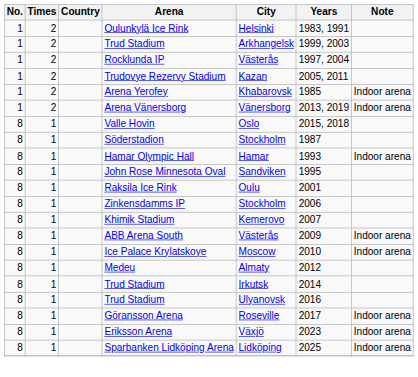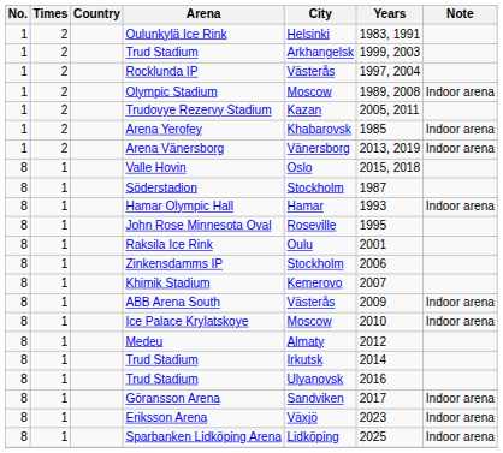 <table class="wikitable sortable" style="text-align:left;">
 <tr>
 <th>No.</th>
 <th>Times</th>
 <th>Country</th>
 <th>Arena</th>
 <th>City</th>
 <th>Years</th>
 <th>Note</th>
 </tr>
 <tr>
 <td align=right>1</td>
 <td align=right>2</td>
 <td></td>
 <td><a href='#'>Oulunkylä Ice Rink</a></td>
 <td><a href='#'>Helsinki</a></td>
 <td>1983, 1991</td>
 <td></td>
 </tr>
 <tr>
 <td align=right>1</td>
 <td align=right>2</td>
 <td></td>
 <td><a href='#'>Trud Stadium</a></td>
 <td><a href='#'>Arkhangelsk</a></td>
 <td>1999, 2003</td>
 <td></td>
 </tr>
 <tr>
 <td align=right>1</td>
 <td align=right>2</td>
 <td></td>
 <td><a href='#'>Rocklunda IP</a></td>
 <td><a href='#'>Västerås</a></td>
 <td>1997, 2004</td>
 <td></td>
+</tr>
+<tr>
+<td align=right>1</td>
+<td align=right>2</td>
+<td></td>
+<td><a href='#'>Olympic Stadium</a></td>
+<td><a href='#'>Moscow</a></td>
+<td>1989, 2008</td>
+<td>Indoor arena</td>
 </tr>
 <tr>
 <td align=right>1</td>
 <td align=right>2</td>
 <td></td>
 <td><a href='#'>Trudovye Rezervy Stadium</a></td>
 <td><a href='#'>Kazan</a></td>
 <td>2005, 2011</td>
 <td></td>
 </tr>
 <tr>
 <td align=right>1</td>
 <td align=right>2</td>
 <td></td>
 <td><a href='#'>Arena Yerofey</a></td>
 <td><a href='#'>Khabarovsk</a></td>
 <td>1985</td>
 <td>Indoor arena</td>
 </tr>
 <tr>
 <td align=right>1</td>
 <td align=right>2</td>
 <td></td>
 <td><a href='#'>Arena Vänersborg</a></td>
 <td><a href='#'>Vänersborg</a></td>
 <td>2013, 2019</td>
 <td>Indoor arena</td>
 </tr>
 <tr>
 <td align=right>8</td>
 <td align=right>1</td>
 <td></td>
 <td><a href='#'>Valle Hovin</a></td>
 <td><a href='#'>Oslo</a></td>
 <td>2015, 2018</td>
 <td></td>
 </tr>
 <tr>
 <td align=right>8</td>
 <td align=right>1</td>
 <td></td>
 <td><a href='#'>Söderstadion</a></td>
 <td><a href='#'>Stockholm</a></td>
 <td>1987</td>
 <td></td>
 </tr>
 <tr>
 <td align=right>8</td>
 <td align=right>1</td>
 <td></td>
 <td><a href='#'>Hamar Olympic Hall</a></td>
 <td><a href='#'>Hamar</a></td>
 <td>1993</td>
 <td>Indoor arena</td>
 </tr>
 <tr>
 <td align=right>8</td>
 <td align=right>1</td>
 <td></td>
 <td><a href='#'>John Rose Minnesota Oval</a></td>
-<td><a href='#'>Sandviken</a></td>
+<td><a href='#'>Roseville</a></td>
 <td>1995</td>
 <td></td>
 </tr>
 <tr>
 <td align=right>8</td>
 <td align=right>1</td>
 <td></td>
 <td><a href='#'>Raksila Ice Rink</a></td>
 <td><a href='#'>Oulu</a></td>
 <td>2001</td>
 <td></td>
 </tr>
 <tr>
 <td align=right>8</td>
 <td align=right>1</td>
 <td></td>
 <td><a href='#'>Zinkensdamms IP</a></td>
 <td><a href='#'>Stockholm</a></td>
 <td>2006</td>
 <td></td>
 </tr>
 <tr>
 <td align=right>8</td>
 <td align=right>1</td>
 <td></td>
 <td><a href='#'>Khimik Stadium</a></td>
 <td><a href='#'>Kemerovo</a></td>
 <td>2007</td>
 <td></td>
 </tr>
 <tr>
 <td align=right>8</td>
 <td align=right>1</td>
 <td></td>
 <td><a href='#'>ABB Arena South</a></td>
 <td><a href='#'>Västerås</a></td>
 <td>2009</td>
 <td>Indoor arena</td>
 </tr>
 <tr>
 <td align=right>8</td>
 <td align=right>1</td>
 <td></td>
 <td><a href='#'>Ice Palace Krylatskoye</a></td>
 <td><a href='#'>Moscow</a></td>
 <td>2010</td>
 <td>Indoor arena</td>
 </tr>
 <tr>
 <td align=right>8</td>
 <td align=right>1</td>
 <td></td>
 <td><a href='#'>Medeu</a></td>
 <td><a href='#'>Almaty</a></td>
 <td>2012</td>
 <td></td>
 </tr>
 <tr>
 <td align=right>8</td>
 <td align=right>1</td>
 <td></td>
 <td><a href='#'>Trud Stadium</a></td>
 <td><a href='#'>Irkutsk</a></td>
 <td>2014</td>
 <td></td>
 </tr>
 <tr>
 <td align=right>8</td>
 <td align=right>1</td>
 <td></td>
 <td><a href='#'>Trud Stadium</a></td>
 <td><a href='#'>Ulyanovsk</a></td>
 <td>2016</td>
 <td></td>
 </tr>
 <tr>
 <td align=right>8</td>
 <td align=right>1</td>
 <td></td>
 <td><a href='#'>Göransson Arena</a></td>
-<td><a href='#'>Roseville</a></td>
+<td><a href='#'>Sandviken</a></td>
 <td>2017</td>
 <td>Indoor arena</td>
 </tr>
 <tr>
 <td align=right>8</td>
 <td align=right>1</td>
 <td></td>
 <td><a href='#'>Eriksson Arena</a></td>
 <td><a href='#'>Växjö</a></td>
 <td>2023</td>
 <td>Indoor arena</td>
 </tr>
 <tr>
 <td align=right>8</td>
 <td align=right>1</td>
 <td></td>
 <td><a href='#'>Sparbanken Lidköping Arena</a></td>
 <td><a href='#'>Lidköping</a></td>
 <td>2025</td>
 <td>Indoor arena</td>
 </tr>
 <tr>
 </tr>
 </table>
